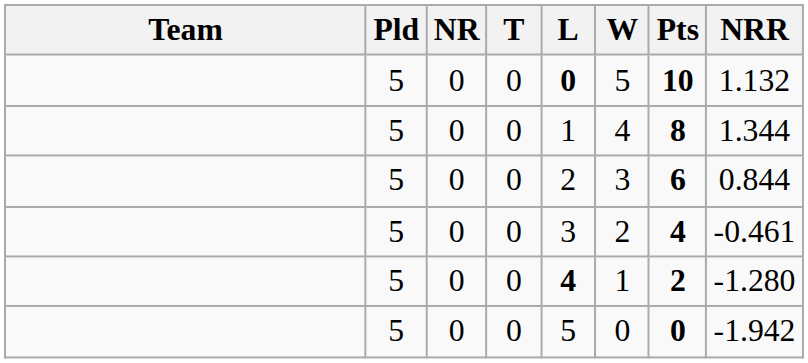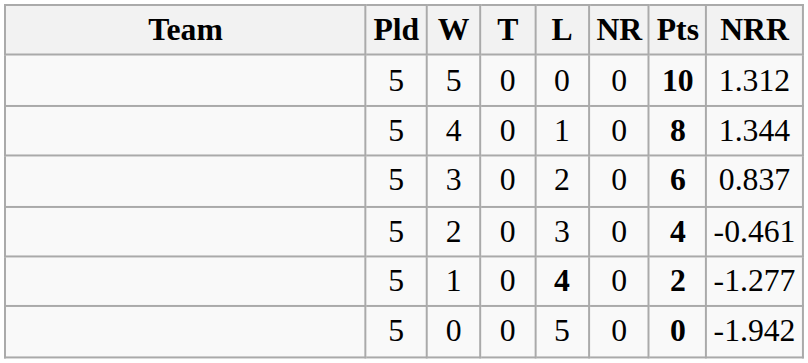 <table class="wikitable" style="text-align:center;">
 <tr>
 <th width=175>Team</th>
 <th width=20 abbr="Played">Pld</th>
-<th width=20 abbr="No result">NR</th>
+<th width=20 abbr="Won">W</th>
 <th width=20 abbr="Tied">T</th>
 <th width=20 abbr="Lost">L</th>
-<th width=20 abbr="Won">W</th>
+<th width=20 abbr="No result">NR</th>
 <th width=20 abbr="Points">Pts</th>
 <th width=40 abbr="Net run rate">NRR</th>
 </tr>
 <tr>
 <td align="left"></td>
 <td>5</td>
+<td>5</td>
 <td>0</td>
 <td>0</td>
-<td><strong>0</strong></td>
-<td>5</td>
+<td>0</td>
 <td><strong>10</strong></td>
-<td>1.132</td>
+<td>1.312</td>
 </tr>
 <tr>
 <td align="left"></td>
 <td>5</td>
-<td>0</td>
+<td>4</td>
 <td>0</td>
 <td>1</td>
-<td>4</td>
+<td>0</td>
 <td><strong>8</strong></td>
 <td>1.344</td>
 </tr>
 <tr>
 <td align="left"></td>
 <td>5</td>
-<td>0</td>
+<td>3</td>
 <td>0</td>
 <td>2</td>
-<td>3</td>
+<td>0</td>
 <td><strong>6</strong></td>
-<td>0.844</td>
+<td>0.837</td>
 </tr>
 <tr>
 <td align="left"></td>
 <td>5</td>
-<td>0</td>
+<td>2</td>
 <td>0</td>
 <td>3</td>
-<td>2</td>
+<td>0</td>
 <td><strong>4</strong></td>
 <td>-0.461</td>
 </tr>
 <tr>
 <td align="left"></td>
 <td>5</td>
-<td>0</td>
+<td>1</td>
 <td>0</td>
 <td><strong>4</strong></td>
-<td>1</td>
+<td>0</td>
 <td><strong>2</strong></td>
-<td>-1.280</td>
+<td>-1.277</td>
 </tr>
 <tr>
 <td align="left"></td>
 <td>5</td>
 <td>0</td>
 <td>0</td>
 <td>5</td>
 <td>0</td>
 <td><strong>0</strong></td>
 <td>-1.942</td>
 </tr>
 </table>
